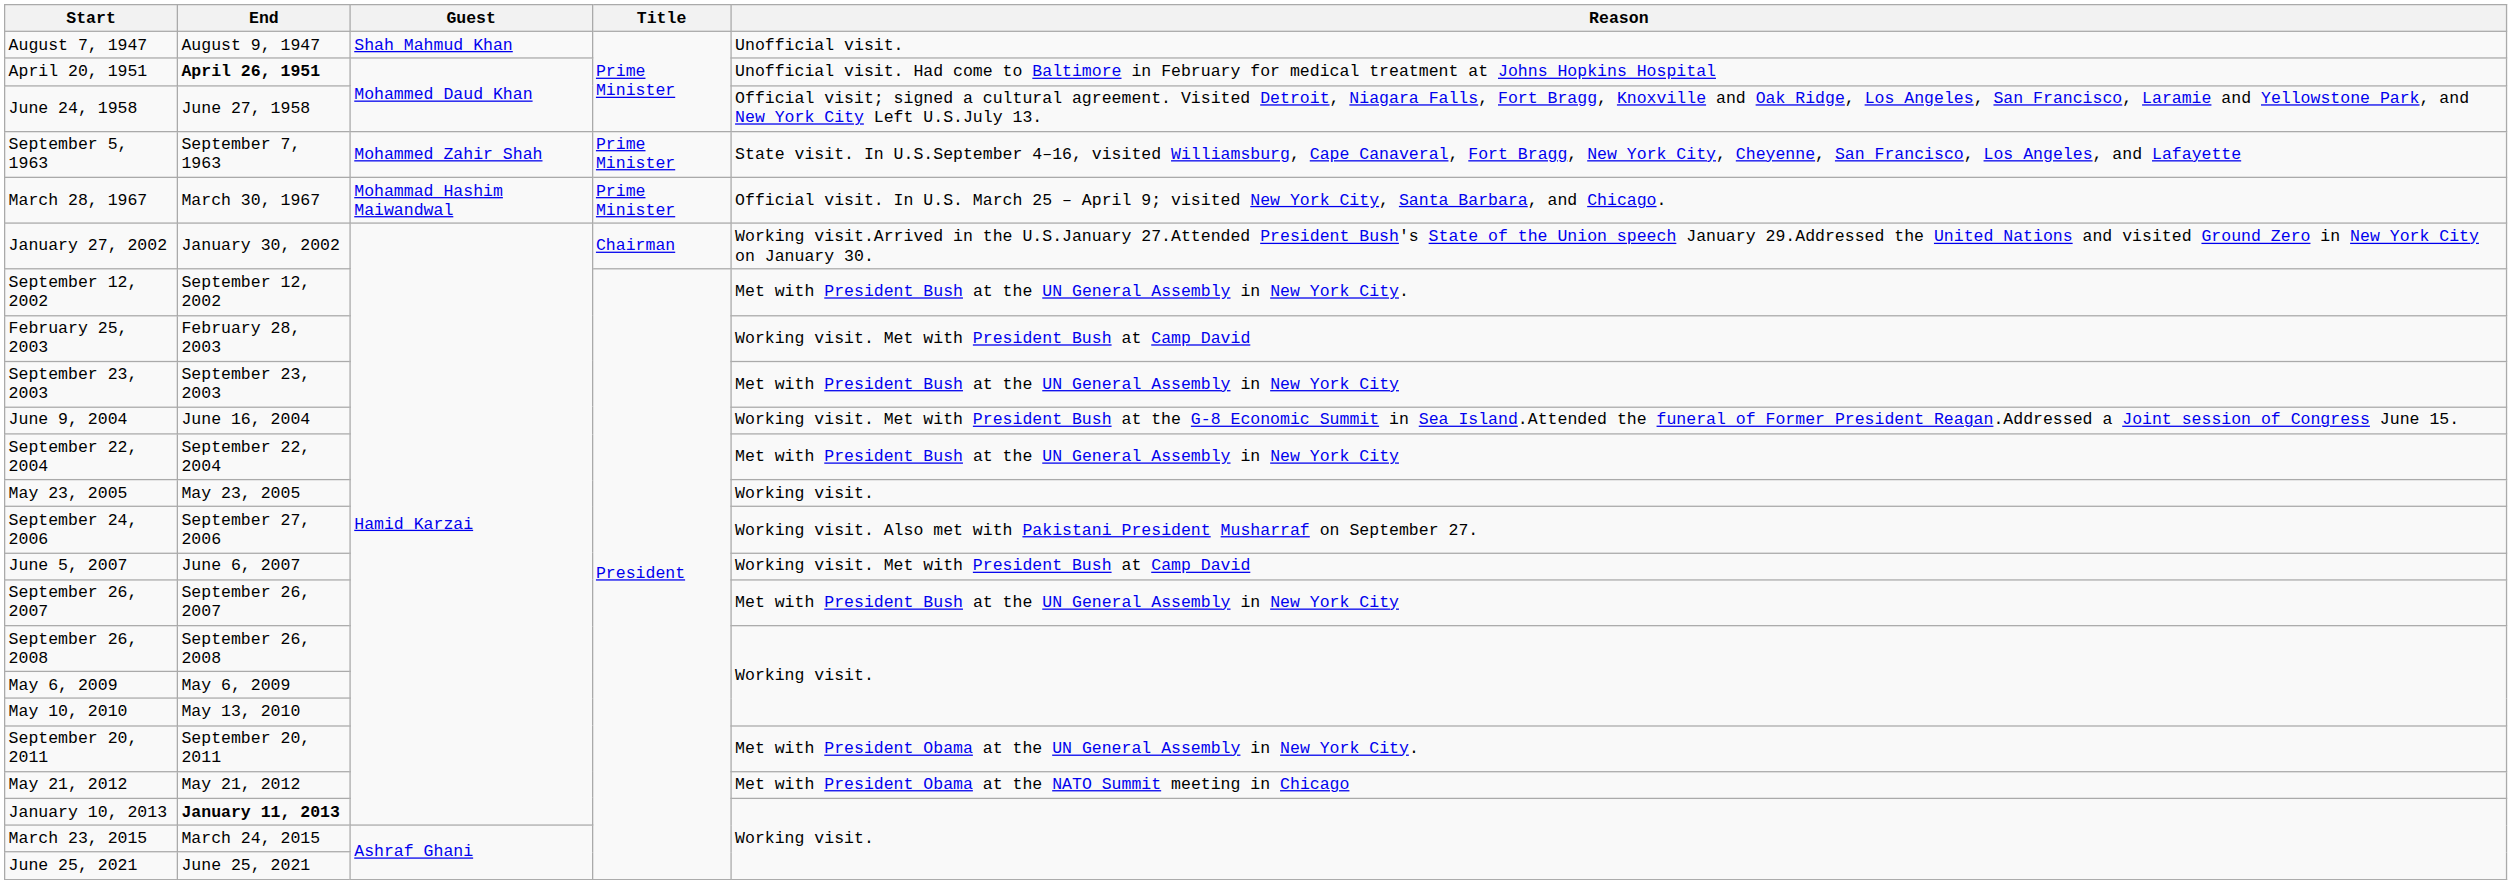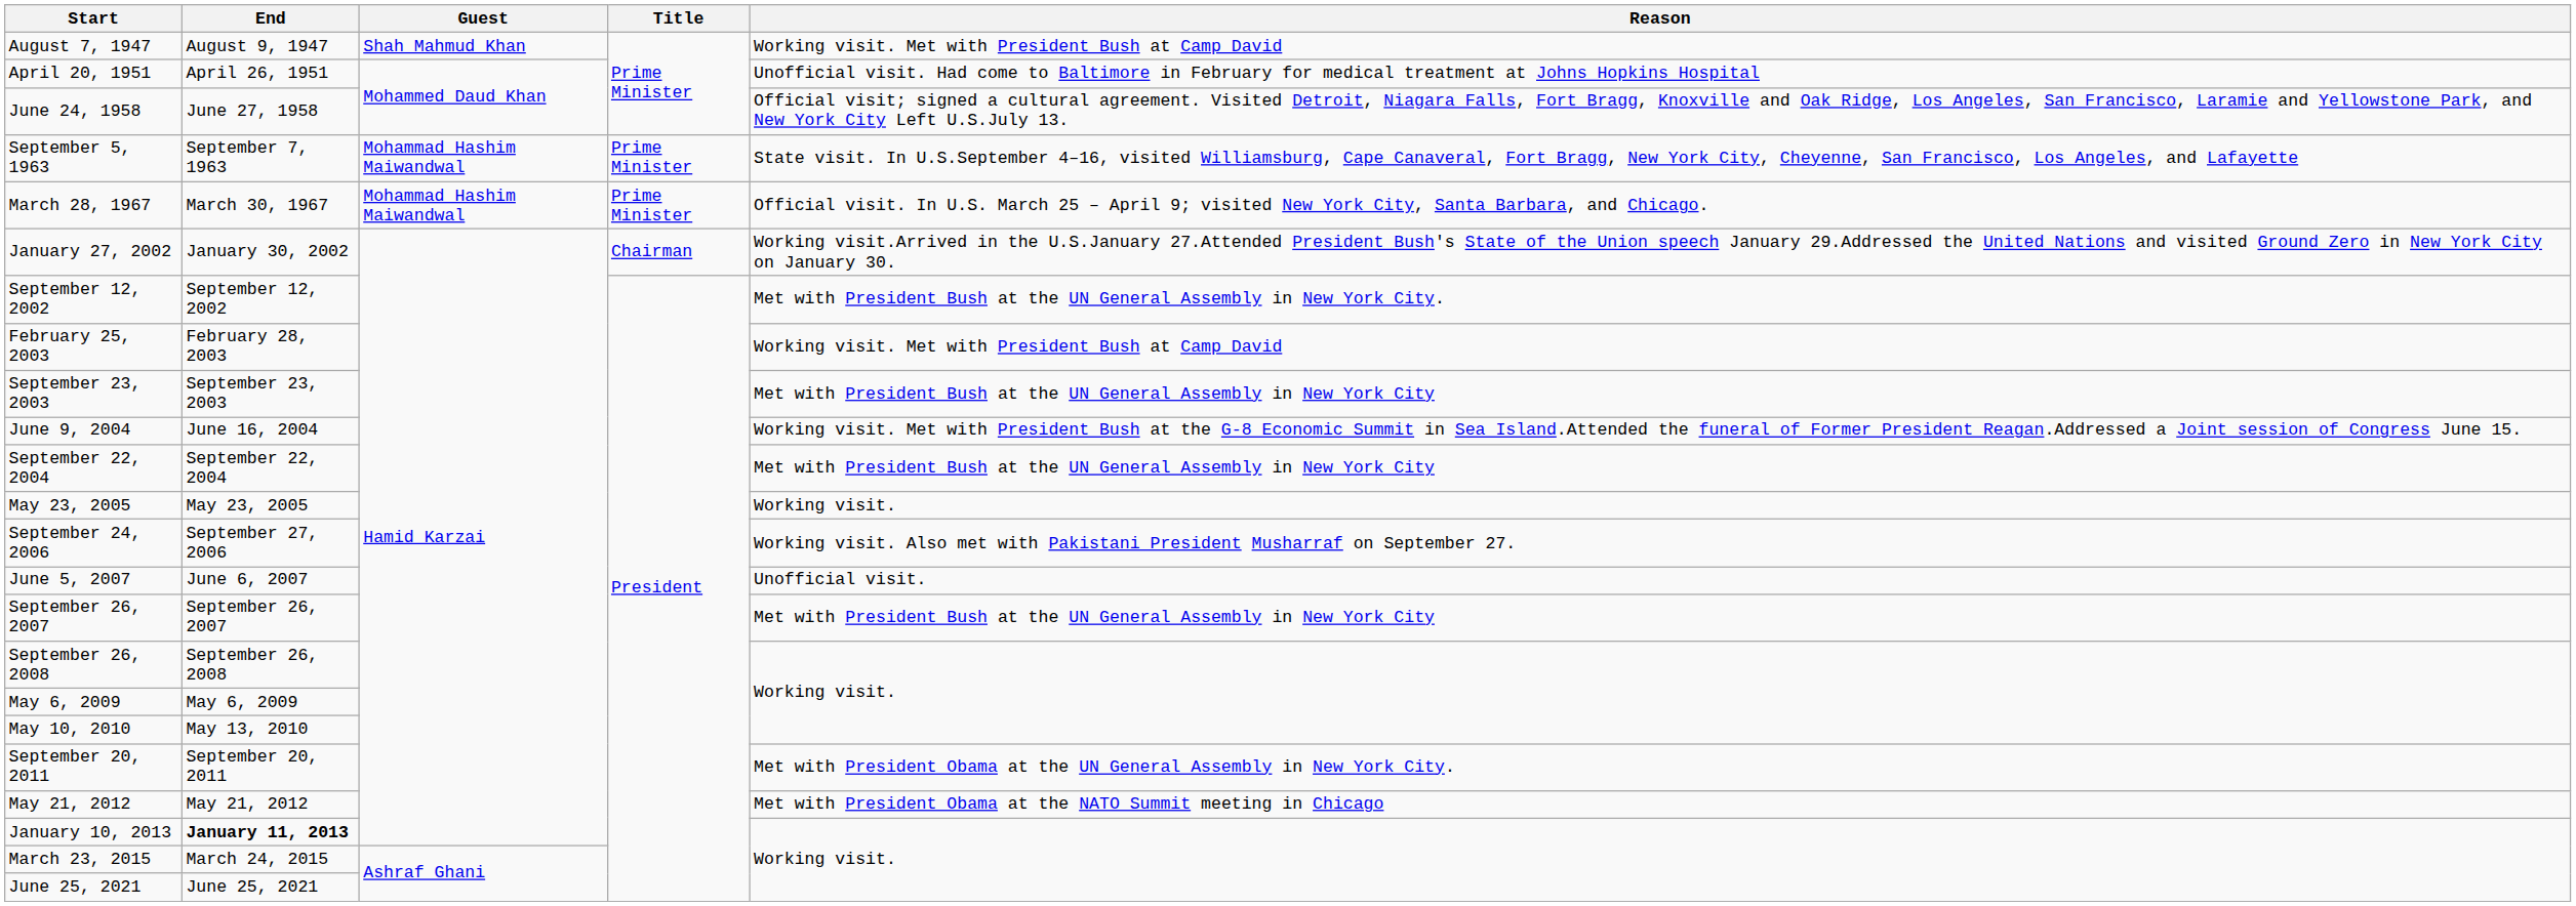 <table class="wikitable sortable">
 <tr>
 <th>Start</th>
 <th>End</th>
 <th>Guest</th>
 <th>Title</th>
 <th>Reason</th>
 </tr>
 <tr>
 <td>August 7, 1947</td>
 <td>August 9, 1947</td>
 <td><a href='#'>Shah Mahmud Khan</a></td>
 <td rowspan=3><a href='#'>Prime Minister</a></td>
-<td>Unofficial visit.</td>
+<td>Working visit. Met with <a href='#'>President Bush</a> at <a href='#'>Camp David</a></td>
 </tr>
 <tr>
 <td>April 20, 1951</td>
-<td><strong>April 26, 1951</strong></td>
+<td>April 26, 1951</td>
 <td rowspan=2><a href='#'>Mohammed Daud Khan</a></td>
 <td>Unofficial visit. Had come to <a href='#'>Baltimore</a> in February for medical treatment at <a href='#'>Johns Hopkins Hospital</a></td>
 </tr>
 <tr>
 <td>June 24, 1958</td>
 <td>June 27, 1958</td>
 <td>Official visit; signed a cultural agreement. Visited <a href='#'>Detroit</a>, <a href='#'>Niagara Falls</a>, <a href='#'>Fort Bragg</a>, <a href='#'>Knoxville</a> and <a href='#'>Oak Ridge</a>, <a href='#'>Los Angeles</a>, <a href='#'>San Francisco</a>, <a href='#'>Laramie</a> and <a href='#'>Yellowstone Park</a>, and <a href='#'>New York City</a> Left U.S.July 13.</td>
 </tr>
 <tr>
 <td>September 5, 1963</td>
 <td>September 7, 1963</td>
-<td><a href='#'>Mohammed Zahir Shah</a></td>
+<td><a href='#'>Mohammad Hashim Maiwandwal</a></td>
 <td><a href='#'>Prime Minister</a></td>
 <td>State visit. In U.S.September 4–16, visited <a href='#'>Williamsburg</a>, <a href='#'>Cape Canaveral</a>, <a href='#'>Fort Bragg</a>, <a href='#'>New York City</a>, <a href='#'>Cheyenne</a>, <a href='#'>San Francisco</a>, <a href='#'>Los Angeles</a>, and <a href='#'>Lafayette</a></td>
 </tr>
 <tr>
 <td>March 28, 1967</td>
 <td>March 30, 1967</td>
 <td><a href='#'>Mohammad Hashim Maiwandwal</a></td>
 <td><a href='#'>Prime Minister</a></td>
 <td>Official visit. In U.S. March 25 – April 9; visited <a href='#'>New York City</a>, <a href='#'>Santa Barbara</a>, and <a href='#'>Chicago</a>.</td>
 </tr>
 <tr>
 <td>January 27, 2002</td>
 <td>January 30, 2002</td>
 <td rowspan=16><a href='#'>Hamid Karzai</a></td>
 <td><a href='#'>Chairman</a></td>
 <td>Working visit.Arrived in the U.S.January 27.Attended <a href='#'>President Bush</a>'s <a href='#'>State of the Union speech</a> January 29.Addressed the <a href='#'>United Nations</a> and visited <a href='#'>Ground Zero</a> in <a href='#'>New York City</a> on January 30.</td>
 </tr>
 <tr>
 <td>September 12, 2002</td>
 <td>September 12, 2002</td>
 <td rowspan=17><a href='#'>President</a></td>
 <td>Met with <a href='#'>President Bush</a> at the <a href='#'>UN General Assembly</a> in <a href='#'>New York City</a>.</td>
 </tr>
 <tr>
 <td>February 25, 2003</td>
 <td>February 28, 2003</td>
 <td>Working visit. Met with <a href='#'>President Bush</a> at <a href='#'>Camp David</a></td>
 </tr>
 <tr>
 <td>September 23, 2003</td>
 <td>September 23, 2003</td>
 <td>Met with <a href='#'>President Bush</a> at the <a href='#'>UN General Assembly</a> in <a href='#'>New York City</a></td>
 </tr>
 <tr>
 <td>June 9, 2004</td>
 <td>June 16, 2004</td>
 <td>Working visit. Met with <a href='#'>President Bush</a> at the <a href='#'>G-8 Economic Summit</a> in <a href='#'>Sea Island</a>.Attended the <a href='#'>funeral of Former President Reagan</a>.Addressed a <a href='#'>Joint session of Congress</a> June 15.</td>
 </tr>
 <tr>
 <td>September 22, 2004</td>
 <td>September 22, 2004</td>
 <td>Met with <a href='#'>President Bush</a> at the <a href='#'>UN General Assembly</a> in <a href='#'>New York City</a></td>
 </tr>
 <tr>
 <td>May 23, 2005</td>
 <td>May 23, 2005</td>
 <td>Working visit.</td>
 </tr>
 <tr>
 <td>September 24, 2006</td>
 <td>September 27, 2006</td>
 <td>Working visit. Also met with <a href='#'>Pakistani President</a> <a href='#'>Musharraf</a> on September 27.</td>
 </tr>
 <tr>
 <td>June 5, 2007</td>
 <td>June 6, 2007</td>
-<td>Working visit. Met with <a href='#'>President Bush</a> at <a href='#'>Camp David</a></td>
+<td>Unofficial visit.</td>
 </tr>
 <tr>
 <td>September 26, 2007</td>
 <td>September 26, 2007</td>
 <td>Met with <a href='#'>President Bush</a> at the <a href='#'>UN General Assembly</a> in <a href='#'>New York City</a></td>
 </tr>
 <tr>
 <td>September 26, 2008</td>
 <td>September 26, 2008</td>
 <td rowspan=3>Working visit.</td>
 </tr>
 <tr>
 <td>May 6, 2009</td>
 <td>May 6, 2009</td>
 </tr>
 <tr>
 <td>May 10, 2010</td>
 <td>May 13, 2010</td>
 </tr>
 <tr>
 <td>September 20, 2011</td>
 <td>September 20, 2011</td>
 <td>Met with <a href='#'>President Obama</a> at the <a href='#'>UN General Assembly</a> in <a href='#'>New York City</a>.</td>
 </tr>
 <tr>
 <td>May 21, 2012</td>
 <td>May 21, 2012</td>
 <td>Met with <a href='#'>President Obama</a> at the <a href='#'>NATO Summit</a> meeting in <a href='#'>Chicago</a></td>
 </tr>
 <tr>
 <td>January 10, 2013</td>
 <td><strong>January 11, 2013</strong></td>
 <td rowspan=3>Working visit.</td>
 </tr>
 <tr>
 <td>March 23, 2015</td>
 <td>March 24, 2015</td>
 <td rowspan=2><a href='#'>Ashraf Ghani</a></td>
 </tr>
 <tr>
 <td>June 25, 2021</td>
 <td>June 25, 2021</td>
 </tr>
 </table>
